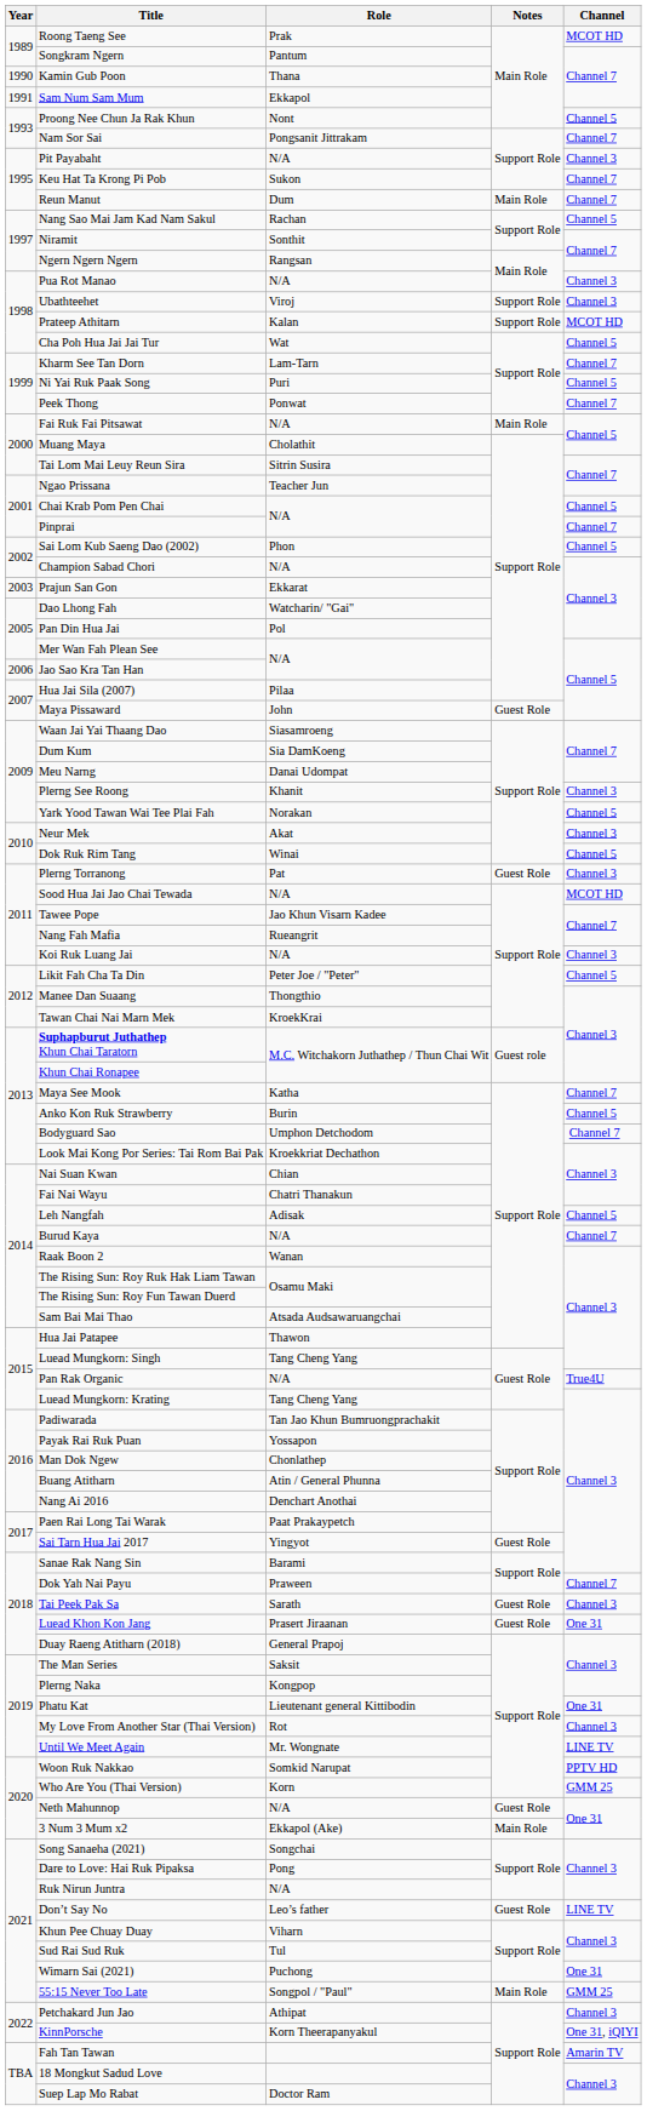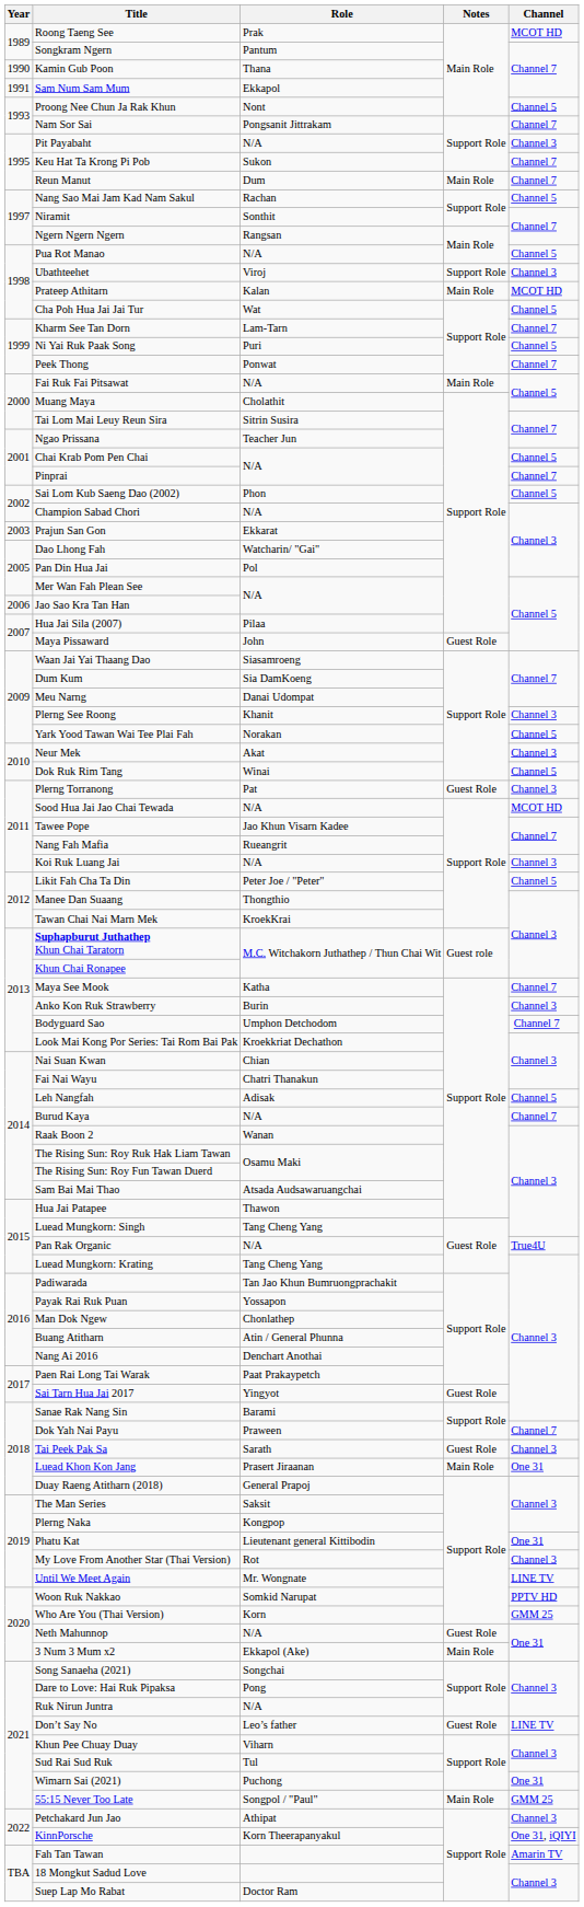 <table class="wikitable" style="font-size: 90%;”">
 <tr>
 <th>Year</th>
 <th>Title</th>
 <th>Role</th>
 <th>Notes</th>
 <th>Channel</th>
 </tr>
 <tr>
 <td rowspan="2">1989</td>
 <td>Roong Taeng See</td>
 <td>Prak</td>
 <td rowspan="5">Main Role</td>
 <td><a href='#'>MCOT HD</a></td>
 </tr>
 <tr>
 <td>Songkram Ngern</td>
 <td>Pantum</td>
 <td rowspan="3"><a href='#'>Channel 7</a></td>
 </tr>
 <tr>
 <td>1990</td>
 <td>Kamin Gub Poon</td>
 <td>Thana</td>
 </tr>
 <tr>
 <td>1991</td>
 <td><a href='#'>Sam Num Sam Mum</a></td>
 <td>Ekkapol</td>
 </tr>
 <tr>
 <td rowspan="2">1993</td>
 <td>Proong Nee Chun Ja Rak Khun</td>
 <td>Nont</td>
 <td><a href='#'>Channel 5</a></td>
 </tr>
 <tr>
 <td>Nam Sor Sai</td>
 <td>Pongsanit Jittrakam</td>
 <td rowspan="3">Support Role</td>
 <td><a href='#'>Channel 7</a></td>
 </tr>
 <tr>
 <td rowspan="3">1995</td>
 <td>Pit Payabaht</td>
 <td>N/A</td>
 <td><a href='#'>Channel 3</a></td>
 </tr>
 <tr>
 <td>Keu Hat Ta Krong Pi Pob</td>
 <td>Sukon</td>
 <td><a href='#'>Channel 7</a></td>
 </tr>
 <tr>
 <td>Reun Manut</td>
 <td>Dum</td>
 <td>Main Role</td>
 <td><a href='#'>Channel 7</a></td>
 </tr>
 <tr>
 <td rowspan="3">1997</td>
 <td>Nang Sao Mai Jam Kad Nam Sakul</td>
 <td>Rachan</td>
 <td rowspan="2">Support Role</td>
 <td><a href='#'>Channel 5</a></td>
 </tr>
 <tr>
 <td>Niramit </td>
 <td>Sonthit</td>
 <td rowspan="2"><a href='#'>Channel 7</a></td>
 </tr>
 <tr>
 <td>Ngern Ngern Ngern</td>
 <td>Rangsan</td>
 <td rowspan="2">Main Role</td>
 </tr>
 <tr>
 <td rowspan="4">1998</td>
 <td>Pua Rot Manao</td>
 <td>N/A</td>
-<td><a href='#'>Channel 3</a></td>
+<td><a href='#'>Channel 5</a></td>
 </tr>
 <tr>
 <td>Ubathteehet</td>
 <td>Viroj</td>
 <td>Support Role</td>
 <td><a href='#'>Channel 3</a></td>
 </tr>
 <tr>
 <td>Prateep Athitarn</td>
 <td>Kalan</td>
-<td>Support Role</td>
+<td>Main Role</td>
 <td><a href='#'>MCOT HD</a></td>
 </tr>
 <tr>
 <td>Cha Poh Hua Jai Jai Tur</td>
 <td>Wat</td>
 <td rowspan="4">Support Role</td>
 <td><a href='#'>Channel 5</a></td>
 </tr>
 <tr>
 <td rowspan="3">1999</td>
 <td>Kharm See Tan Dorn</td>
 <td>Lam-Tarn</td>
 <td><a href='#'>Channel 7</a></td>
 </tr>
 <tr>
 <td>Ni Yai Ruk Paak Song</td>
 <td>Puri</td>
 <td><a href='#'>Channel 5</a></td>
 </tr>
 <tr>
 <td>Peek Thong</td>
 <td>Ponwat</td>
 <td><a href='#'>Channel 7</a></td>
 </tr>
 <tr>
 <td rowspan="3">2000</td>
 <td>Fai Ruk Fai Pitsawat</td>
 <td>N/A</td>
 <td>Main Role</td>
 <td rowspan="2"><a href='#'>Channel 5</a></td>
 </tr>
 <tr>
 <td>Muang Maya</td>
 <td>Cholathit</td>
 <td rowspan="13">Support Role</td>
 </tr>
 <tr>
 <td>Tai Lom Mai Leuy Reun Sira</td>
 <td>Sitrin Susira</td>
 <td rowspan="2"><a href='#'>Channel 7</a></td>
 </tr>
 <tr>
 <td rowspan="3">2001</td>
 <td>Ngao Prissana</td>
 <td>Teacher Jun</td>
 </tr>
 <tr>
 <td>Chai Krab Pom Pen Chai</td>
 <td rowspan="2">N/A</td>
 <td><a href='#'>Channel 5</a></td>
 </tr>
 <tr>
 <td>Pinprai</td>
 <td><a href='#'>Channel 7</a></td>
 </tr>
 <tr>
 <td rowspan="2">2002</td>
 <td>Sai Lom Kub Saeng Dao (2002)</td>
 <td>Phon</td>
 <td><a href='#'>Channel 5</a></td>
 </tr>
 <tr>
 <td>Champion Sabad Chori</td>
 <td>N/A</td>
 <td rowspan="4"><a href='#'>Channel 3</a></td>
 </tr>
 <tr>
 <td>2003</td>
 <td>Prajun San Gon </td>
 <td>Ekkarat</td>
 </tr>
 <tr>
 <td rowspan="3">2005</td>
 <td>Dao Lhong Fah </td>
 <td>Watcharin/ "Gai"</td>
 </tr>
 <tr>
 <td>Pan Din Hua Jai</td>
 <td>Pol</td>
 </tr>
 <tr>
 <td>Mer Wan Fah Plean See</td>
 <td rowspan="2">N/A</td>
 <td rowspan="4"><a href='#'>Channel 5</a></td>
 </tr>
 <tr>
 <td>2006</td>
 <td>Jao Sao Kra Tan Han</td>
 </tr>
 <tr>
 <td rowspan="2">2007</td>
 <td>Hua Jai Sila (2007) </td>
 <td>Pilaa</td>
 </tr>
 <tr>
 <td>Maya Pissaward </td>
 <td>John</td>
 <td>Guest Role</td>
 </tr>
 <tr>
 <td rowspan="5">2009</td>
 <td>Waan Jai Yai Thaang Dao </td>
 <td>Siasamroeng</td>
 <td rowspan="7">Support Role</td>
 <td rowspan="3"><a href='#'>Channel 7</a></td>
 </tr>
 <tr>
 <td>Dum Kum</td>
 <td>Sia DamKoeng</td>
 </tr>
 <tr>
 <td>Meu Narng </td>
 <td>Danai Udompat</td>
 </tr>
 <tr>
 <td>Plerng See Roong</td>
 <td>Khanit</td>
 <td><a href='#'>Channel 3</a></td>
 </tr>
 <tr>
 <td>Yark Yood Tawan Wai Tee Plai Fah</td>
 <td>Norakan</td>
 <td><a href='#'>Channel 5</a></td>
 </tr>
 <tr>
 <td rowspan="2">2010</td>
 <td>Neur Mek</td>
 <td>Akat</td>
 <td><a href='#'>Channel 3</a></td>
 </tr>
 <tr>
 <td>Dok Ruk Rim Tang</td>
 <td>Winai</td>
 <td><a href='#'>Channel 5</a></td>
 </tr>
 <tr>
 <td rowspan="5">2011</td>
 <td>Plerng Torranong </td>
 <td>Pat</td>
 <td>Guest Role</td>
 <td><a href='#'>Channel 3</a></td>
 </tr>
 <tr>
 <td>Sood Hua Jai Jao Chai Tewada</td>
 <td>N/A</td>
 <td rowspan="7”">Support Role</td>
 <td><a href='#'>MCOT HD</a></td>
 </tr>
 <tr>
 <td>Tawee Pope </td>
 <td>Jao Khun Visarn Kadee</td>
 <td rowspan="2"><a href='#'>Channel 7</a></td>
 </tr>
 <tr>
 <td>Nang Fah Mafia </td>
 <td>Rueangrit</td>
 </tr>
 <tr>
 <td>Koi Ruk Luang Jai</td>
 <td>N/A</td>
 <td><a href='#'>Channel 3</a></td>
 </tr>
 <tr>
 <td rowspan="3">2012</td>
 <td>Likit Fah Cha Ta Din </td>
 <td>Peter Joe / "Peter"</td>
 <td><a href='#'>Channel 5</a></td>
 </tr>
 <tr>
 <td>Manee Dan Suaang </td>
 <td>Thongthio</td>
 <td rowspan="4"><a href='#'>Channel 3</a></td>
 </tr>
 <tr>
 <td>Tawan Chai Nai Marn Mek </td>
 <td>KroekKrai</td>
 </tr>
 <tr>
 <td rowspan="6">2013</td>
 <td><strong><a href='#'>Suphapburut Juthathep</a></strong><br><a href='#'>Khun Chai Taratorn</a></td>
 <td rowspan="2"><a href='#'>M.C.</a> Witchakorn Juthathep / Thun Chai Wit</td>
 <td rowspan="2">Guest role</td>
 </tr>
 <tr>
 <td><a href='#'>Khun Chai Ronapee</a></td>
 </tr>
 <tr>
 <td>Maya See Mook</td>
 <td>Katha</td>
 <td rowspan="13">Support Role</td>
 <td><a href='#'>Channel 7</a></td>
 </tr>
 <tr>
 <td>Anko Kon Ruk Strawberry</td>
 <td>Burin </td>
-<td><a href='#'>Channel 5</a></td>
+<td><a href='#'>Channel 3</a></td>
 </tr>
 <tr>
 <td>Bodyguard Sao</td>
 <td>Umphon Detchodom</td>
 <td> <a href='#'>Channel 7</a></td>
 </tr>
 <tr>
 <td>Look Mai Kong Por Series: Tai Rom Bai Pak</td>
 <td>Kroekkriat Dechathon</td>
 <td rowspan="3"><a href='#'>Channel 3</a></td>
 </tr>
 <tr>
 <td rowspan="8">2014</td>
 <td>Nai Suan Kwan </td>
 <td>Chian</td>
 </tr>
 <tr>
 <td>Fai Nai Wayu </td>
 <td>Chatri Thanakun</td>
 </tr>
 <tr>
 <td>Leh Nangfah </td>
 <td>Adisak</td>
 <td><a href='#'>Channel 5</a></td>
 </tr>
 <tr>
 <td>Burud Kaya</td>
 <td>N/A</td>
 <td><a href='#'>Channel 7</a></td>
 </tr>
 <tr>
 <td>Raak Boon 2 </td>
 <td>Wanan</td>
 <td rowspan="6"><a href='#'>Channel 3</a></td>
 </tr>
 <tr>
 <td>The Rising Sun: Roy Ruk Hak Liam Tawan</td>
 <td rowspan="2">Osamu Maki</td>
 </tr>
 <tr>
 <td>The Rising Sun: Roy Fun Tawan Duerd</td>
 </tr>
 <tr>
 <td>Sam Bai Mai Thao </td>
 <td>Atsada Audsawaruangchai</td>
 </tr>
 <tr>
 <td rowspan="4">2015</td>
 <td>Hua Jai Patapee </td>
 <td>Thawon</td>
 </tr>
 <tr>
 <td>Luead Mungkorn: Singh </td>
 <td>Tang Cheng Yang</td>
 <td rowspan="3">Guest Role</td>
 </tr>
 <tr>
 <td>Pan Rak Organic</td>
 <td>N/A</td>
 <td><a href='#'>True4U</a></td>
 </tr>
 <tr>
 <td>Luead Mungkorn: Krating</td>
 <td>Tang Cheng Yang</td>
 <td rowspan="9"><a href='#'>Channel 3</a></td>
 </tr>
 <tr>
 <td rowspan="5">2016</td>
 <td>Padiwarada </td>
 <td>Tan Jao Khun Bumruongprachakit</td>
 <td rowspan="6">Support Role</td>
 </tr>
 <tr>
 <td>Payak Rai Ruk Puan </td>
 <td>Yossapon</td>
 </tr>
 <tr>
 <td>Man Dok Ngew </td>
 <td>Chonlathep</td>
 </tr>
 <tr>
 <td>Buang Atitharn </td>
 <td>Atin / General Phunna</td>
 </tr>
 <tr>
 <td>Nang Ai 2016 </td>
 <td>Denchart Anothai</td>
 </tr>
 <tr>
 <td rowspan="2">2017</td>
 <td>Paen Rai Long Tai Warak </td>
 <td>Paat Prakaypetch</td>
 </tr>
 <tr>
 <td><a href='#'>Sai Tarn Hua Jai</a> 2017 </td>
 <td>Yingyot</td>
 <td>Guest Role</td>
 </tr>
 <tr>
 <td rowspan="5">2018</td>
 <td>Sanae Rak Nang Sin </td>
 <td>Barami</td>
 <td rowspan="2">Support Role</td>
 </tr>
 <tr>
 <td>Dok Yah Nai Payu </td>
 <td>Praween</td>
 <td><a href='#'>Channel 7</a></td>
 </tr>
 <tr>
 <td><a href='#'>Tai Peek Pak Sa</a> </td>
 <td>Sarath</td>
 <td>Guest Role</td>
 <td><a href='#'>Channel 3</a></td>
 </tr>
 <tr>
 <td><a href='#'>Luead Khon Kon Jang</a> </td>
 <td>Prasert Jiraanan</td>
-<td>Guest Role</td>
+<td>Main Role</td>
 <td><a href='#'>One 31</a></td>
 </tr>
 <tr>
 <td>Duay Raeng Atitharn (2018) </td>
 <td>General Prapoj</td>
 <td rowspan="8">Support Role</td>
 <td rowspan="3"><a href='#'>Channel 3</a></td>
 </tr>
 <tr>
 <td rowspan="5">2019</td>
 <td>The Man Series </td>
 <td>Saksit</td>
 </tr>
 <tr>
 <td>Plerng Naka </td>
 <td>Kongpop</td>
 </tr>
 <tr>
 <td>Phatu Kat </td>
 <td>Lieutenant general Kittibodin</td>
 <td><a href='#'>One 31</a></td>
 </tr>
 <tr>
 <td>My Love From Another Star (Thai Version)</td>
 <td>Rot</td>
 <td><a href='#'>Channel 3</a></td>
 </tr>
 <tr>
 <td><a href='#'>Until We Meet Again</a></td>
 <td>Mr. Wongnate</td>
 <td><a href='#'>LINE TV</a></td>
 </tr>
 <tr>
 <td rowspan="4">2020</td>
 <td>Woon Ruk Nakkao </td>
 <td>Somkid Narupat</td>
 <td><a href='#'>PPTV HD</a></td>
 </tr>
 <tr>
 <td>Who Are You (Thai Version)</td>
 <td>Korn</td>
 <td><a href='#'>GMM 25</a></td>
 </tr>
 <tr>
 <td>Neth Mahunnop </td>
 <td>N/A</td>
 <td>Guest Role</td>
 <td rowspan="2"><a href='#'>One 31</a></td>
 </tr>
 <tr>
 <td>3 Num 3 Mum x2</td>
 <td>Ekkapol (Ake)</td>
 <td>Main Role</td>
 </tr>
 <tr>
 <td rowspan="8">2021</td>
 <td>Song Sanaeha (2021) </td>
 <td>Songchai</td>
 <td rowspan="3">Support Role</td>
 <td rowspan="3"><a href='#'>Channel 3</a></td>
 </tr>
 <tr>
 <td>Dare to Love: Hai Ruk Pipaksa </td>
 <td>Pong</td>
 </tr>
 <tr>
 <td>Ruk Nirun Juntra </td>
 <td>N/A</td>
 </tr>
 <tr>
 <td>Don’t Say No</td>
 <td>Leo’s father</td>
 <td>Guest Role</td>
 <td><a href='#'>LINE TV</a></td>
 </tr>
 <tr>
 <td>Khun Pee Chuay Duay </td>
 <td>Viharn</td>
 <td rowspan="3">Support Role</td>
 <td rowspan="2"><a href='#'>Channel 3</a></td>
 </tr>
 <tr>
 <td>Sud Rai Sud Ruk </td>
 <td>Tul</td>
 </tr>
 <tr>
 <td>Wimarn Sai (2021) </td>
 <td>Puchong</td>
 <td><a href='#'>One 31</a></td>
 </tr>
 <tr>
 <td><a href='#'>55:15 Never Too Late</a> </td>
 <td>Songpol / "Paul"</td>
 <td>Main Role</td>
 <td><a href='#'>GMM 25</a></td>
 </tr>
 <tr>
 <td rowspan="2">2022</td>
 <td>Petchakard Jun Jao </td>
 <td>Athipat</td>
 <td rowspan="5">Support Role</td>
 <td><a href='#'>Channel 3</a></td>
 </tr>
 <tr>
 <td><a href='#'>KinnPorsche</a></td>
 <td>Korn Theerapanyakul</td>
 <td><a href='#'>One 31</a>, <a href='#'>iQIYI</a></td>
 </tr>
 <tr>
 <td rowspan="3">TBA</td>
 <td>Fah Tan Tawan </td>
 <td></td>
 <td><a href='#'>Amarin TV</a></td>
 </tr>
 <tr>
 <td>18 Mongkut Sadud Love</td>
 <td></td>
 <td rowspan="2"><a href='#'>Channel 3</a></td>
 </tr>
 <tr>
 <td>Suep Lap Mo Rabat</td>
 <td>Doctor Ram</td>
 </tr>
 </table>
